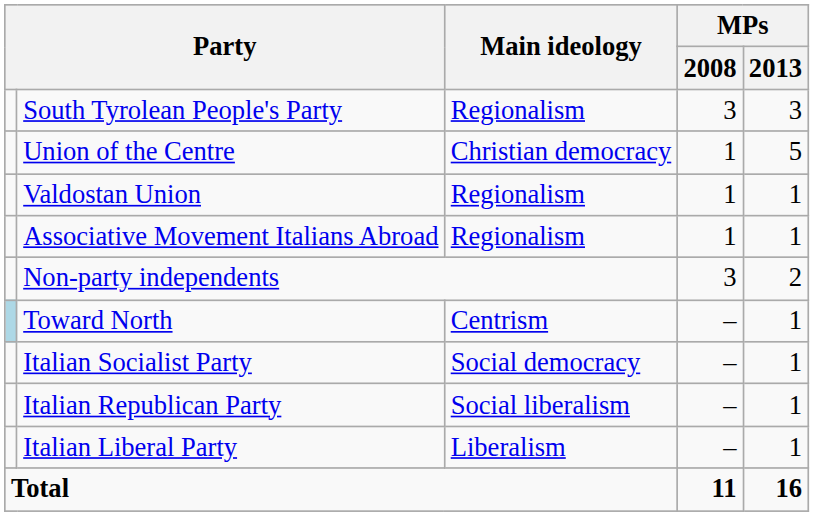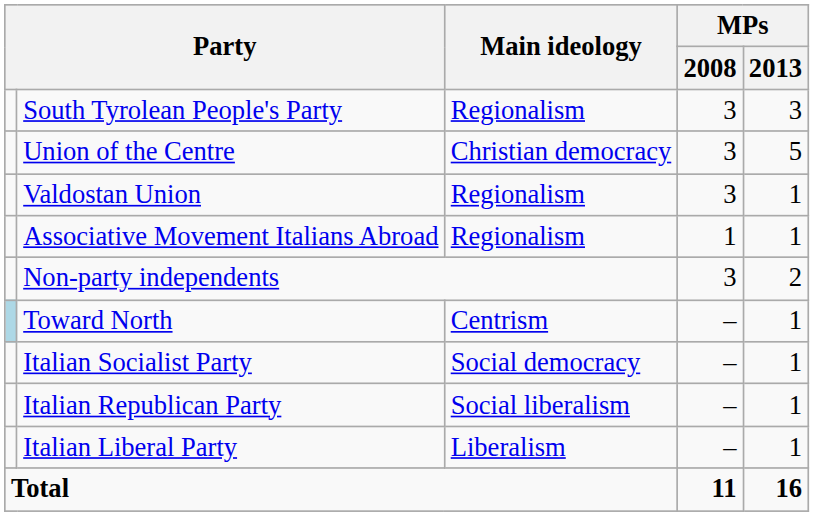 <table class="wikitable" style="font-size:100%">
 <tr>
 <th rowspan=2 colspan=2>Party</th>
 <th rowspan=2>Main ideology</th>
 <th colspan=2>MPs</th>
 </tr>
 <tr>
 <th>2008</th>
 <th>2013</th>
 </tr>
 <tr>
 <td></td>
 <td><a href='#'>South Tyrolean People's Party</a></td>
 <td><a href='#'>Regionalism</a></td>
 <td align=right>3</td>
 <td align=right>3</td>
 </tr>
 <tr>
 <td></td>
 <td><a href='#'>Union of the Centre</a></td>
 <td><a href='#'>Christian democracy</a></td>
-<td align=right>1</td>
+<td align=right>3</td>
 <td align=right>5</td>
 </tr>
 <tr>
 <td></td>
 <td><a href='#'>Valdostan Union</a></td>
 <td><a href='#'>Regionalism</a></td>
-<td align=right>1</td>
+<td align=right>3</td>
 <td align=right>1</td>
 </tr>
 <tr>
 <td></td>
 <td><a href='#'>Associative Movement Italians Abroad</a></td>
 <td><a href='#'>Regionalism</a></td>
 <td align=right>1</td>
 <td align=right>1</td>
 </tr>
 <tr>
 <td></td>
 <td colspan=2><a href='#'>Non-party independents</a></td>
 <td align=right>3</td>
 <td align=right>2</td>
 </tr>
 <tr>
 <td bgcolor="lightblue"></td>
 <td><a href='#'>Toward North</a></td>
 <td><a href='#'>Centrism</a></td>
 <td align=right>–</td>
 <td align=right>1</td>
 </tr>
 <tr>
 <td></td>
 <td><a href='#'>Italian Socialist Party</a></td>
 <td><a href='#'>Social democracy</a></td>
 <td align=right>–</td>
 <td align=right>1</td>
 </tr>
 <tr>
 <td></td>
 <td><a href='#'>Italian Republican Party</a></td>
 <td><a href='#'>Social liberalism</a></td>
 <td align=right>–</td>
 <td align=right>1</td>
 </tr>
 <tr>
 <td></td>
 <td><a href='#'>Italian Liberal Party</a></td>
 <td><a href='#'>Liberalism</a></td>
 <td align=right>–</td>
 <td align=right>1</td>
 </tr>
 <tr>
 <td colspan=3><strong>Total</strong></td>
 <td align=right><strong>11</strong></td>
 <td align=right><strong>16</strong></td>
 </tr>
 </table>
